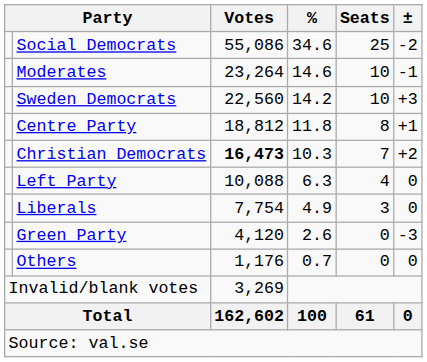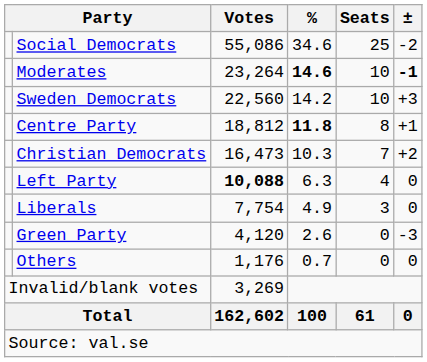 <table class=wikitable style=text-align:right>
 <tr>
 <th colspan=2>Party</th>
 <th>Votes</th>
 <th>%</th>
 <th>Seats</th>
 <th>±</th>
 </tr>
 <tr>
 <td bgcolor=></td>
 <td align=left><a href='#'>Social Democrats</a></td>
 <td>55,086</td>
 <td>34.6</td>
 <td>25</td>
 <td>-2</td>
 </tr>
 <tr>
 <td bgcolor=></td>
 <td align=left><a href='#'>Moderates</a></td>
 <td>23,264</td>
-<td>14.6</td>
+<td><strong>14.6</strong></td>
 <td>10</td>
-<td>-1</td>
+<td><strong>-1</strong></td>
 </tr>
 <tr>
 <td bgcolor=></td>
 <td align=left><a href='#'>Sweden Democrats</a></td>
 <td>22,560</td>
 <td>14.2</td>
 <td>10</td>
 <td>+3</td>
 </tr>
 <tr>
 <td bgcolor=></td>
 <td align=left><a href='#'>Centre Party</a></td>
 <td>18,812</td>
-<td>11.8</td>
+<td><strong>11.8</strong></td>
 <td>8</td>
 <td>+1</td>
 </tr>
 <tr>
 <td bgcolor=></td>
 <td align=left><a href='#'>Christian Democrats</a></td>
-<td><strong>16,473</strong></td>
+<td>16,473</td>
 <td>10.3</td>
 <td>7</td>
 <td>+2</td>
 </tr>
 <tr>
 <td bgcolor=></td>
 <td align=left><a href='#'>Left Party</a></td>
-<td>10,088</td>
+<td><strong>10,088</strong></td>
 <td>6.3</td>
 <td>4</td>
 <td>0</td>
 </tr>
 <tr>
 <td bgcolor=></td>
 <td align=left><a href='#'>Liberals</a></td>
 <td>7,754</td>
 <td>4.9</td>
 <td>3</td>
 <td>0</td>
 </tr>
 <tr>
 <td bgcolor=></td>
 <td align=left><a href='#'>Green Party</a></td>
 <td>4,120</td>
 <td>2.6</td>
 <td>0</td>
 <td>-3</td>
 </tr>
 <tr>
 <td></td>
 <td align=left><a href='#'>Others</a></td>
 <td>1,176</td>
 <td>0.7</td>
 <td>0</td>
 <td>0</td>
 </tr>
 <tr>
 <td align=left colspan=2>Invalid/blank votes</td>
 <td>3,269</td>
 <td colspan=3></td>
 </tr>
 <tr>
 <th align=left colspan=2>Total</th>
 <th>162,602</th>
 <th>100</th>
 <th>61</th>
 <th>0</th>
 </tr>
 <tr>
 <td align=left colspan=6>Source: val.se </td>
 </tr>
 </table>
